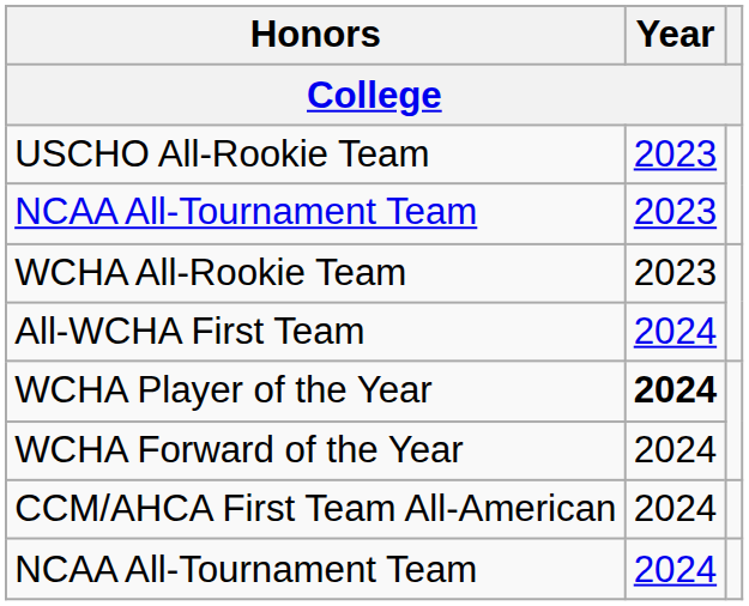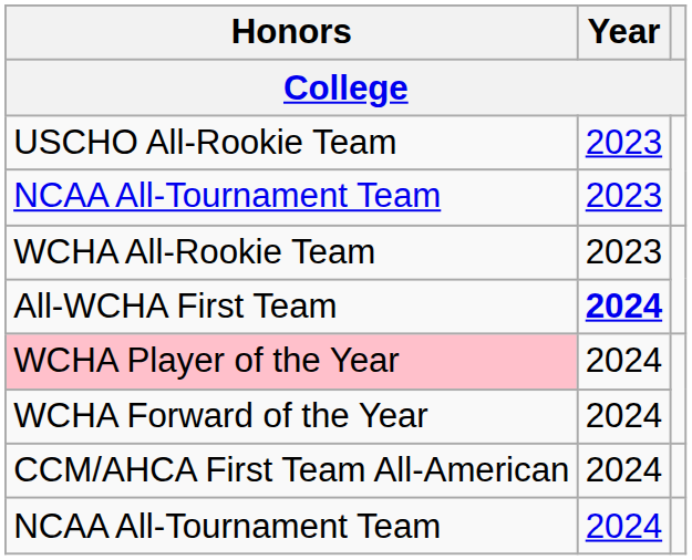 <table class="wikitable">
 <tr>
 <th>Honors</th>
 <th>Year</th>
 <th></th>
 </tr>
 <tr>
 <th colspan="3"><a href='#'>College</a></th>
 </tr>
 <tr>
 <td>USCHO All-Rookie Team</td>
 <td><a href='#'>2023</a></td>
 <td rowspan="2"></td>
 </tr>
 <tr>
 <td><a href='#'>NCAA All-Tournament Team</a></td>
 <td><a href='#'>2023</a></td>
 </tr>
 <tr>
 <td>WCHA All-Rookie Team</td>
 <td>2023</td>
 <td rowspan="2"></td>
 </tr>
 <tr>
 <td>All-WCHA First Team</td>
-<td><a href='#'>2024</a></td>
+<td><strong><a href='#'>2024</a></strong></td>
 </tr>
 <tr>
-<td>WCHA Player of the Year</td>
-<td><strong>2024</strong></td>
+<td style="background: pink;">WCHA Player of the Year</td>
+<td>2024</td>
 <td rowspan="2"></td>
 </tr>
 <tr>
 <td>WCHA Forward of the Year</td>
 <td>2024</td>
 </tr>
 <tr>
 <td>CCM/AHCA First Team All-American</td>
 <td>2024</td>
 <td></td>
 </tr>
 <tr>
 <td>NCAA All-Tournament Team</td>
 <td><a href='#'>2024</a></td>
 <td></td>
 </tr>
 </table>
